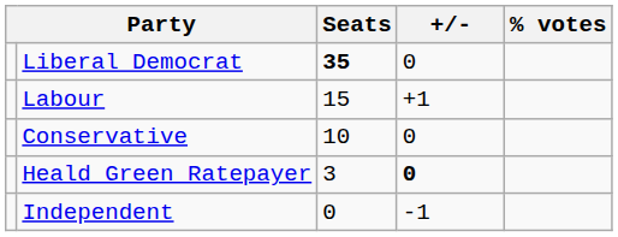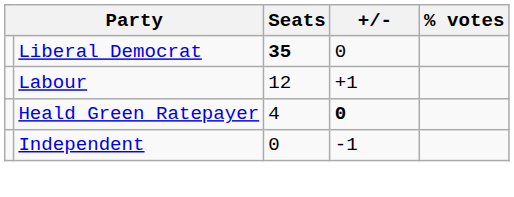 <table class="wikitable">
 <tr>
 <th colspan="2">Party</th>
 <th>Seats</th>
 <th>  +/-  </th>
 <th>% votes</th>
 </tr>
 <tr>
 <td style="background-color: "></td>
 <td><a href='#'>Liberal Democrat</a></td>
 <td><strong>35</strong></td>
 <td>0</td>
 <td></td>
 </tr>
 <tr>
 <td style="background-color: "></td>
 <td><a href='#'>Labour</a></td>
-<td>15</td>
+<td>12</td>
 <td>+1</td>
 <td></td>
 </tr>
 <tr>
 <td style="background-color: "></td>
-<td><a href='#'>Conservative</a></td>
-<td>10</td>
-<td>0</td>
-<td></td>
-</tr>
-<tr>
-<td style="background-color: "></td>
 <td><a href='#'>Heald Green Ratepayer</a></td>
-<td>3</td>
+<td>4</td>
 <td><strong>0</strong></td>
 <td></td>
 </tr>
 <tr>
 <td style="background-color: "></td>
 <td><a href='#'>Independent</a></td>
 <td>0</td>
 <td>-1</td>
 <td></td>
 </tr>
 </table>
